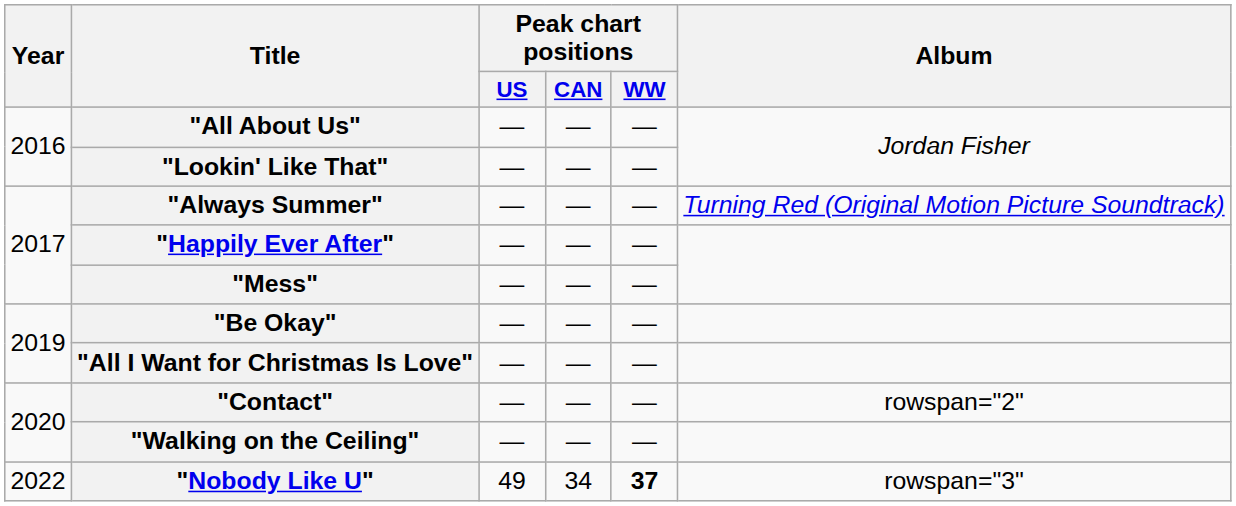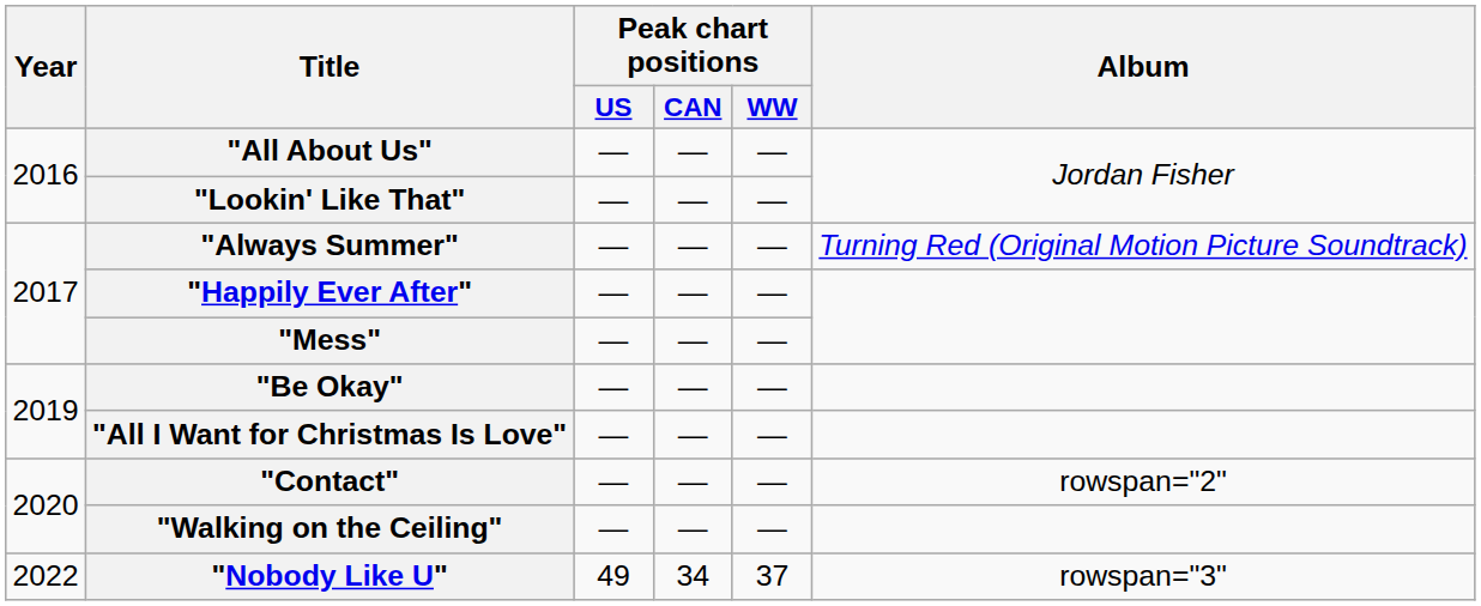 <table class="wikitable plainrowheaders" style="text-align: center">
 <tr>
 <th rowspan="2" scope="col">Year</th>
 <th scope="col" rowspan="2">Title</th>
 <th colspan="3" scope="col">Peak chart<br>positions</th>
 <th scope="col" rowspan="2">Album</th>
 </tr>
 <tr>
 <th scope="col" style="width:2.5em;font-size:90%;"><a href='#'>US</a><br></th>
 <th scope="col" style="width:2.5em;font-size:90%;"><a href='#'>CAN</a><br></th>
 <th scope="col" style="width:2.5em;font-size:90%;"><a href='#'>WW</a><br></th>
 </tr>
 <tr>
 <td rowspan="2">2016</td>
 <th scope="row">"All About Us"</th>
 <td>—</td>
 <td>—</td>
 <td>—</td>
 <td rowspan="2"><em>Jordan Fisher</em></td>
 </tr>
 <tr>
 <th scope="row">"Lookin' Like That"</th>
 <td>—</td>
 <td>—</td>
 <td>—</td>
 </tr>
 <tr>
 <td rowspan="3">2017</td>
 <th scope="row">"Always Summer"</th>
 <td>—</td>
 <td>—</td>
 <td>—</td>
 <td><em><a href='#'>Turning Red (Original Motion Picture Soundtrack)</a></em></td>
 </tr>
 <tr>
 <th scope="row">"<a href='#'>Happily Ever After</a>" <br></th>
 <td>—</td>
 <td>—</td>
 <td>—</td>
 </tr>
 <tr>
 <th scope="row">"Mess"</th>
 <td>—</td>
 <td>—</td>
 <td>—</td>
 </tr>
 <tr>
 <td rowspan="2">2019</td>
 <th scope="row">"Be Okay"</th>
 <td>—</td>
 <td>—</td>
 <td>—</td>
 <td></td>
 </tr>
 <tr>
 <th scope="row">"All I Want for Christmas Is Love"<br></th>
 <td>—</td>
 <td>—</td>
 <td>—</td>
 <td></td>
 </tr>
 <tr>
 <td rowspan="2">2020</td>
 <th scope="row">"Contact"</th>
 <td>—</td>
 <td>—</td>
 <td>—</td>
 <td>rowspan="2" </td>
 </tr>
 <tr>
 <th scope="row">"Walking on the Ceiling"</th>
 <td>—</td>
 <td>—</td>
 <td>—</td>
 </tr>
 <tr>
 <td>2022</td>
 <th scope="row">"<a href='#'>Nobody Like U</a>"<br></th>
 <td>49</td>
 <td>34</td>
-<td><strong>37</strong></td>
+<td>37</td>
 <td>rowspan="3" </td>
 </tr>
 </table>
